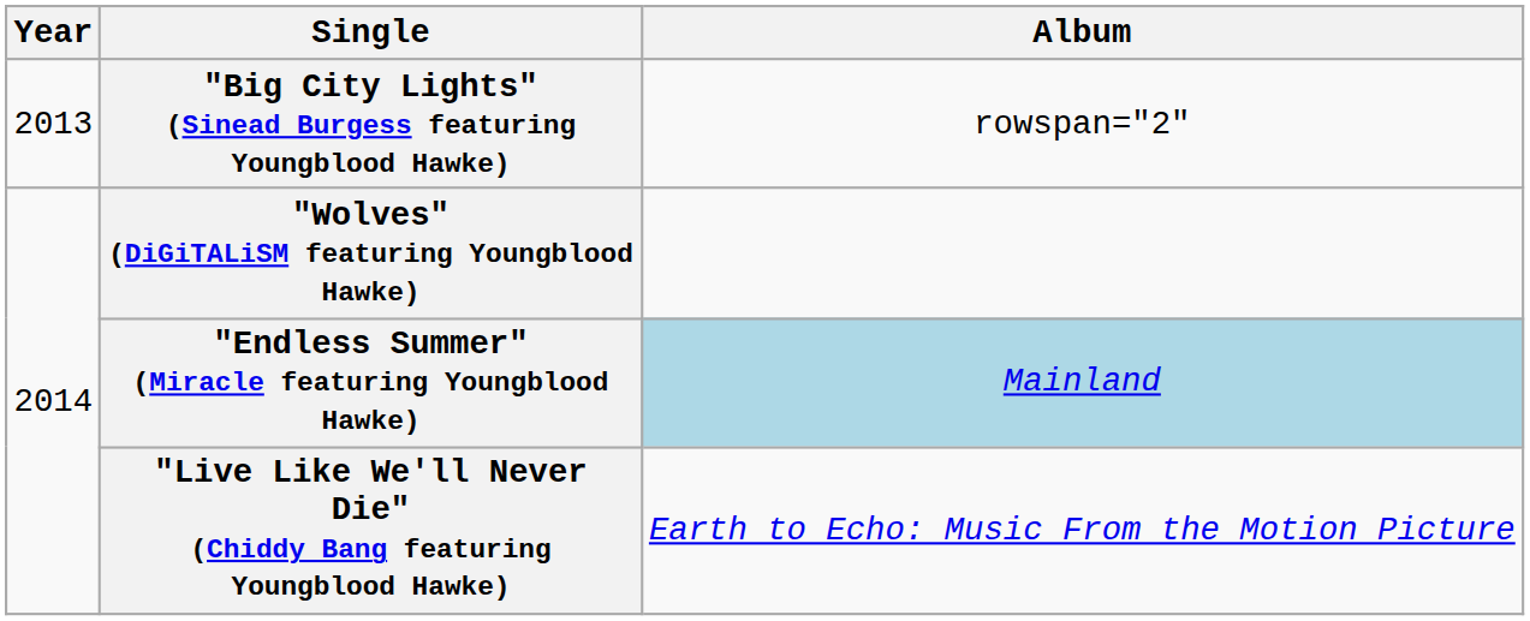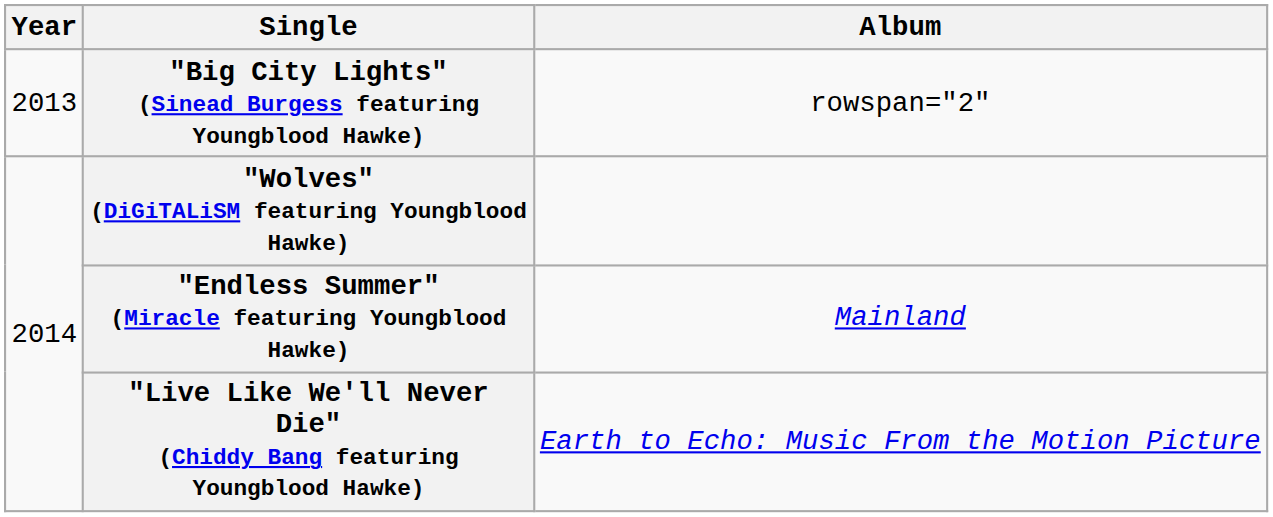 <table class="wikitable plainrowheaders" style="text-align:center;">
 <tr>
 <th>Year</th>
 <th style="width:16em;">Single</th>
 <th>Album</th>
 </tr>
 <tr>
 <td>2013</td>
 <th scope="row">"Big City Lights"<br><small>(<a href='#'>Sinead Burgess</a> featuring Youngblood Hawke)</small></th>
 <td>rowspan="2" </td>
 </tr>
 <tr>
 <td rowspan="3">2014</td>
 <th scope="row">"Wolves"<br><small>(<a href='#'>DiGiTALiSM</a> featuring Youngblood Hawke)</small></th>
 </tr>
 <tr>
 <th scope="row">"Endless Summer"<br><small>(<a href='#'>Miracle</a> featuring Youngblood Hawke)</small></th>
-<td style="background: lightblue;"><em><a href='#'>Mainland</a></em></td>
+<td><em><a href='#'>Mainland</a></em></td>
 </tr>
 <tr>
 <th scope="row">"Live Like We'll Never Die"<br><small>(<a href='#'>Chiddy Bang</a> featuring Youngblood Hawke)</small></th>
 <td><em><a href='#'>Earth to Echo: Music From the Motion Picture</a></em></td>
 </tr>
 </table>
